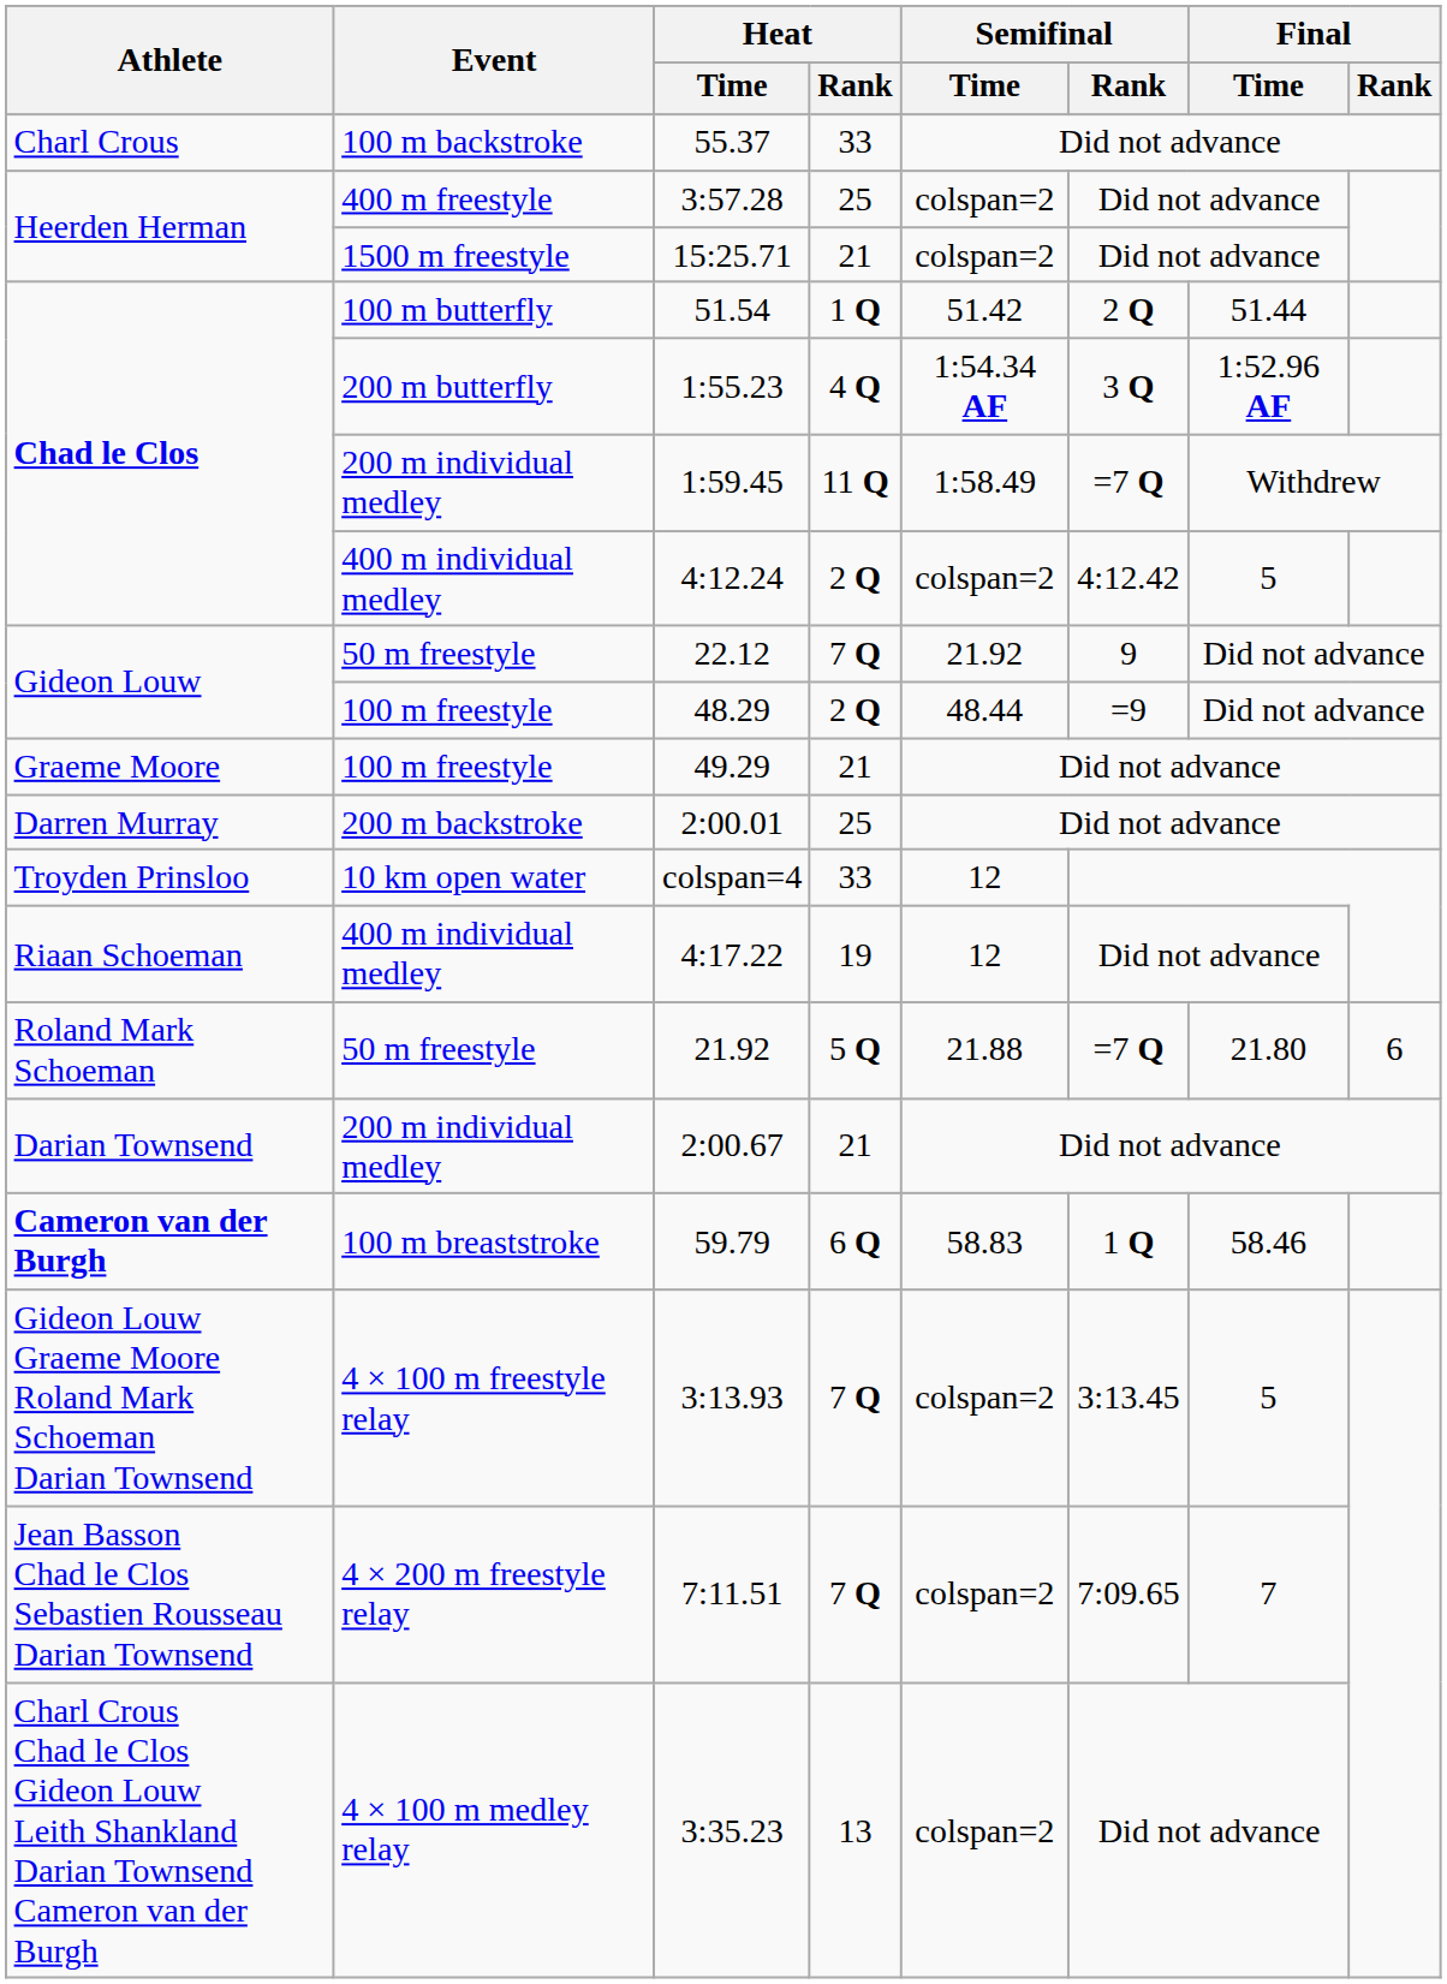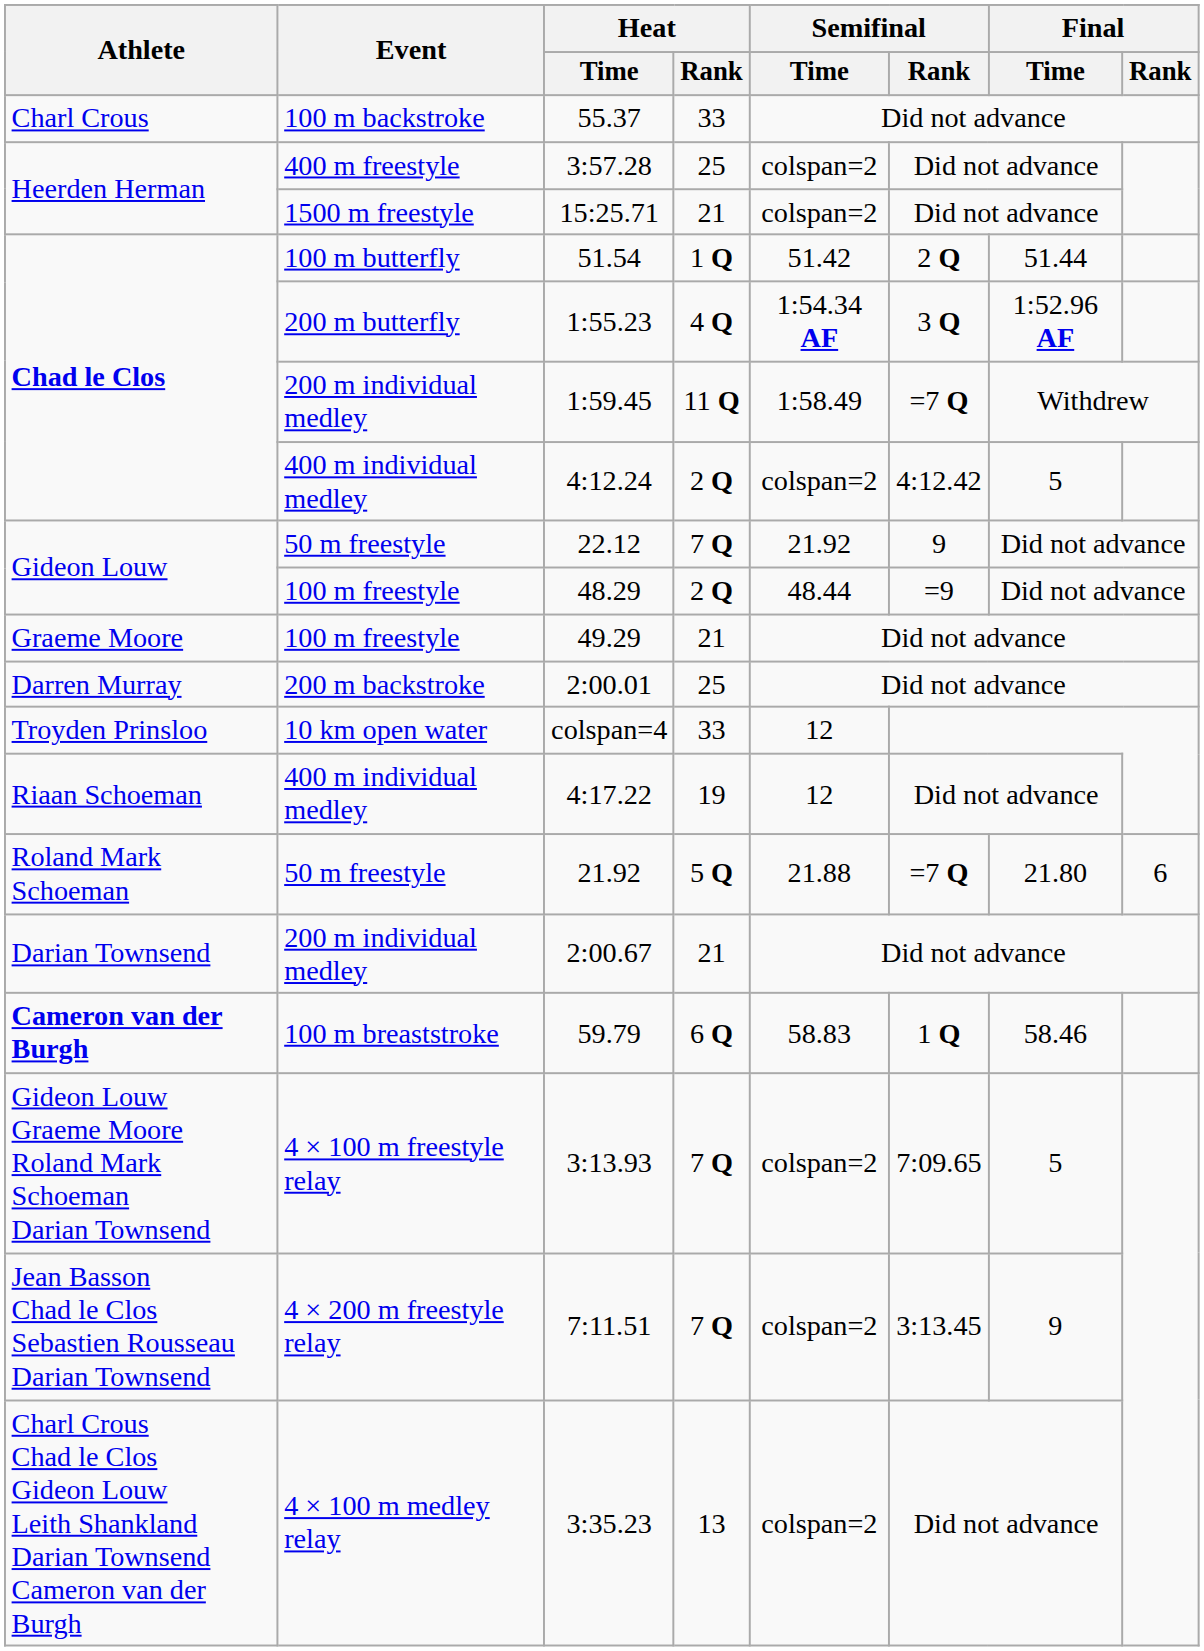 <table class=wikitable style="font-size:90%">
 <tr>
 <th rowspan="2">Athlete</th>
 <th rowspan="2">Event</th>
 <th colspan="2">Heat</th>
 <th colspan="2">Semifinal</th>
 <th colspan="2">Final</th>
 </tr>
 <tr style="font-size:95%">
 <th>Time</th>
 <th>Rank</th>
 <th>Time</th>
 <th>Rank</th>
 <th>Time</th>
 <th>Rank</th>
 </tr>
 <tr align=center>
 <td align=left><a href='#'>Charl Crous</a></td>
 <td align=left><a href='#'>100 m backstroke</a></td>
 <td>55.37</td>
 <td>33</td>
 <td colspan=4>Did not advance</td>
 </tr>
 <tr align=center>
 <td align=left rowspan=2><a href='#'>Heerden Herman</a></td>
 <td align=left><a href='#'>400 m freestyle</a></td>
 <td>3:57.28</td>
 <td>25</td>
 <td>colspan=2 </td>
 <td colspan=2>Did not advance</td>
 </tr>
 <tr align=center>
 <td align=left><a href='#'>1500 m freestyle</a></td>
 <td>15:25.71</td>
 <td>21</td>
 <td>colspan=2 </td>
 <td colspan=2>Did not advance</td>
 </tr>
 <tr align=center>
 <td align=left rowspan=4><strong><a href='#'>Chad le Clos</a></strong></td>
 <td align=left><a href='#'>100 m butterfly</a></td>
 <td>51.54</td>
 <td>1 <strong>Q</strong></td>
 <td>51.42</td>
 <td>2 <strong>Q</strong></td>
 <td>51.44</td>
 <td></td>
 </tr>
 <tr align=center>
 <td align=left><a href='#'>200 m butterfly</a></td>
 <td>1:55.23</td>
 <td>4 <strong>Q</strong></td>
 <td>1:54.34 <strong><a href='#'>AF</a></strong></td>
 <td>3 <strong>Q</strong></td>
 <td>1:52.96 <strong><a href='#'>AF</a></strong></td>
 <td></td>
 </tr>
 <tr align=center>
 <td align=left><a href='#'>200 m individual medley</a></td>
 <td>1:59.45</td>
 <td>11 <strong>Q</strong></td>
 <td>1:58.49</td>
 <td>=7 <strong>Q</strong></td>
 <td colspan=2>Withdrew</td>
 </tr>
 <tr align=center>
 <td align=left><a href='#'>400 m individual medley</a></td>
 <td>4:12.24</td>
 <td>2 <strong>Q</strong></td>
 <td>colspan=2 </td>
 <td>4:12.42</td>
 <td>5</td>
 </tr>
 <tr align=center>
 <td align=left rowspan=2><a href='#'>Gideon Louw</a></td>
 <td align=left><a href='#'>50 m freestyle</a></td>
 <td>22.12</td>
 <td>7 <strong>Q</strong></td>
 <td>21.92</td>
 <td>9</td>
 <td colspan=2>Did not advance</td>
 </tr>
 <tr align=center>
 <td align=left><a href='#'>100 m freestyle</a></td>
 <td>48.29</td>
 <td>2 <strong>Q</strong></td>
 <td>48.44</td>
 <td>=9</td>
 <td colspan=2>Did not advance</td>
 </tr>
 <tr align=center>
 <td align=left><a href='#'>Graeme Moore</a></td>
 <td align=left><a href='#'>100 m freestyle</a></td>
 <td>49.29</td>
 <td>21</td>
 <td colspan=4>Did not advance</td>
 </tr>
 <tr align=center>
 <td align=left><a href='#'>Darren Murray</a></td>
 <td align=left><a href='#'>200 m backstroke</a></td>
 <td>2:00.01</td>
 <td>25</td>
 <td colspan=4>Did not advance</td>
 </tr>
 <tr align=center>
 <td align=left><a href='#'>Troyden Prinsloo</a></td>
 <td align=left><a href='#'>10 km open water</a></td>
 <td>colspan=4 </td>
 <td>33</td>
 <td>12</td>
 </tr>
 <tr align=center>
 <td align=left><a href='#'>Riaan Schoeman</a></td>
 <td align=left><a href='#'>400 m individual medley</a></td>
 <td>4:17.22</td>
 <td>19</td>
 <td>12</td>
 <td colspan=2>Did not advance</td>
 </tr>
 <tr align=center>
 <td align=left><a href='#'>Roland Mark Schoeman</a></td>
 <td align=left><a href='#'>50 m freestyle</a></td>
 <td>21.92</td>
 <td>5 <strong>Q</strong></td>
 <td>21.88</td>
 <td>=7 <strong>Q</strong></td>
 <td>21.80</td>
 <td>6</td>
 </tr>
 <tr align=center>
 <td align=left><a href='#'>Darian Townsend</a></td>
 <td align=left><a href='#'>200 m individual medley</a></td>
 <td>2:00.67</td>
 <td>21</td>
 <td colspan=4>Did not advance</td>
 </tr>
 <tr align=center>
 <td align=left><strong><a href='#'>Cameron van der Burgh</a></strong></td>
 <td align=left><a href='#'>100 m breaststroke</a></td>
 <td>59.79</td>
 <td>6 <strong>Q</strong></td>
 <td>58.83 </td>
 <td>1 <strong>Q</strong></td>
 <td>58.46 </td>
 <td></td>
 </tr>
 <tr align=center>
 <td align=left><a href='#'>Gideon Louw</a><br><a href='#'>Graeme Moore</a><br><a href='#'>Roland Mark Schoeman</a><br><a href='#'>Darian Townsend</a></td>
 <td align=left><a href='#'>4 × 100 m freestyle relay</a></td>
 <td>3:13.93</td>
 <td>7 <strong>Q</strong></td>
 <td>colspan=2 </td>
-<td>3:13.45</td>
+<td>7:09.65</td>
 <td>5</td>
 </tr>
 <tr align=center>
 <td align=left><a href='#'>Jean Basson</a><br><a href='#'>Chad le Clos</a><br><a href='#'>Sebastien Rousseau</a><br><a href='#'>Darian Townsend</a></td>
 <td align=left><a href='#'>4 × 200 m freestyle relay</a></td>
 <td>7:11.51</td>
 <td>7 <strong>Q</strong></td>
 <td>colspan=2 </td>
-<td>7:09.65</td>
-<td>7</td>
+<td>3:13.45</td>
+<td>9</td>
 </tr>
 <tr align=center>
 <td align=left><a href='#'>Charl Crous</a><br><a href='#'>Chad le Clos</a><br><a href='#'>Gideon Louw</a><br><a href='#'>Leith Shankland</a><br><a href='#'>Darian Townsend</a><br><a href='#'>Cameron van der Burgh</a></td>
 <td align=left><a href='#'>4 × 100 m medley relay</a></td>
 <td>3:35.23</td>
 <td>13</td>
 <td>colspan=2 </td>
 <td colspan=2>Did not advance</td>
 </tr>
 </table>
